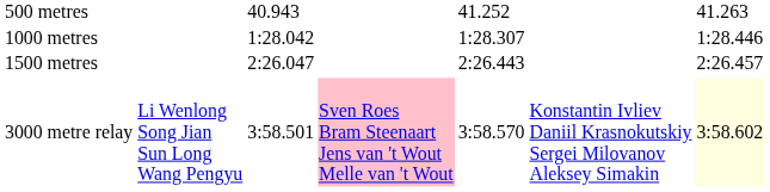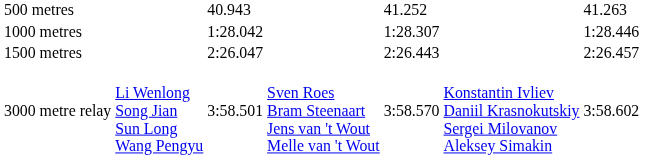 <table>
 <tr>
 <td>500 metres</td>
 <td></td>
 <td>40.943</td>
 <td></td>
 <td>41.252</td>
 <td></td>
 <td>41.263</td>
 </tr>
 <tr>
 <td>1000 metres</td>
 <td></td>
 <td>1:28.042</td>
 <td></td>
 <td>1:28.307</td>
 <td></td>
 <td>1:28.446</td>
 </tr>
 <tr>
 <td>1500 metres</td>
 <td></td>
 <td>2:26.047</td>
 <td></td>
 <td>2:26.443</td>
 <td></td>
 <td>2:26.457</td>
 </tr>
 <tr>
 <td>3000 metre relay</td>
 <td><br><a href='#'>Li Wenlong</a><br><a href='#'>Song Jian</a><br><a href='#'>Sun Long</a><br><a href='#'>Wang Pengyu</a></td>
 <td>3:58.501</td>
-<td style="background: pink;"><br><a href='#'>Sven Roes</a><br><a href='#'>Bram Steenaart</a><br><a href='#'>Jens van 't Wout</a><br><a href='#'>Melle van 't Wout</a></td>
+<td><br><a href='#'>Sven Roes</a><br><a href='#'>Bram Steenaart</a><br><a href='#'>Jens van 't Wout</a><br><a href='#'>Melle van 't Wout</a></td>
 <td>3:58.570</td>
 <td><br><a href='#'>Konstantin Ivliev</a><br><a href='#'>Daniil Krasnokutskiy</a><br><a href='#'>Sergei Milovanov</a><br><a href='#'>Aleksey Simakin</a></td>
-<td style="background: lightyellow;">3:58.602</td>
+<td>3:58.602</td>
 </tr>
 </table>
